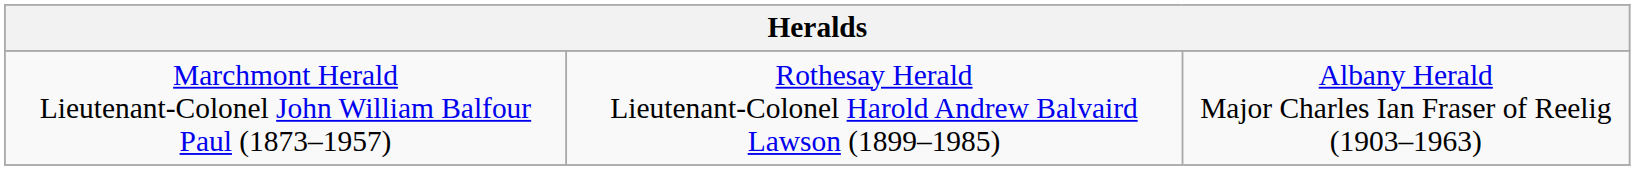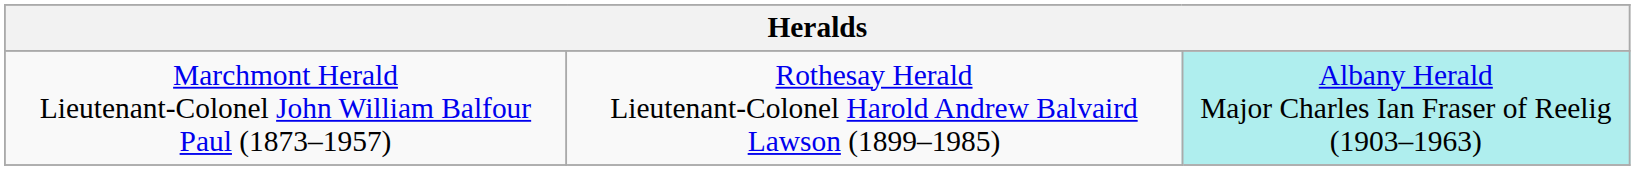 <table class="wikitable" style="text-align:center; margin-left: auto; margin-right: auto; border: none;">
 <tr>
 <th colspan="3">Heralds</th>
 </tr>
 <tr>
 <td><a href='#'>Marchmont Herald</a><br>Lieutenant-Colonel <a href='#'>John William Balfour Paul</a>  (1873–1957)</td>
 <td><a href='#'>Rothesay Herald</a><br>Lieutenant-Colonel <a href='#'>Harold Andrew Balvaird Lawson</a> (1899–1985)</td>
-<td><a href='#'>Albany Herald</a><br>Major Charles Ian Fraser of Reelig (1903–1963)</td>
+<td style="background: paleturquoise;"><a href='#'>Albany Herald</a><br>Major Charles Ian Fraser of Reelig (1903–1963)</td>
 </tr>
 </table>
